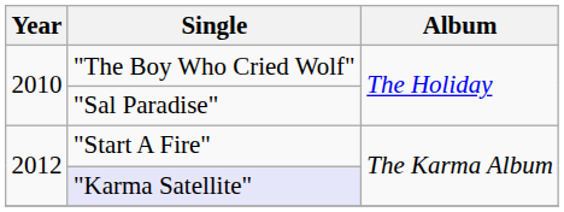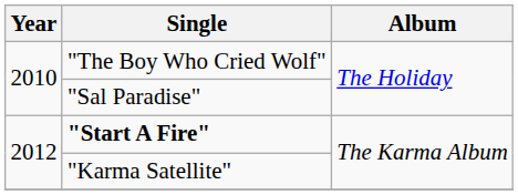 <table class="wikitable" style="text-align:center;">
 <tr>
 <th>Year</th>
 <th>Single</th>
 <th>Album</th>
 </tr>
 <tr>
 <td rowspan="2">2010</td>
 <td style="text-align:left;">"The Boy Who Cried Wolf"</td>
 <td style="text-align:left;" rowspan="2"><a href='#'><em>The Holiday</em></a></td>
 </tr>
 <tr>
 <td style="text-align:left;">"Sal Paradise"</td>
 </tr>
 <tr>
 <td rowspan="2">2012</td>
-<td style="text-align:left;">"Start A Fire"</td>
+<td style="text-align:left;"><strong>"Start A Fire"</strong></td>
 <td style="text-align:left;" rowspan="2"><em>The Karma Album</em></td>
 </tr>
 <tr>
-<td style="background: lavender; text-align:left;">"Karma Satellite"</td>
+<td style="text-align:left;">"Karma Satellite"</td>
 </tr>
 <tr>
 </tr>
 </table>
